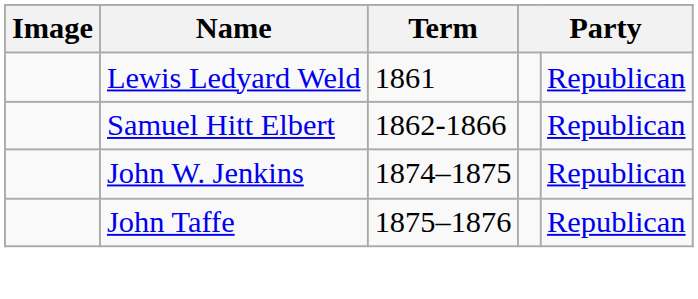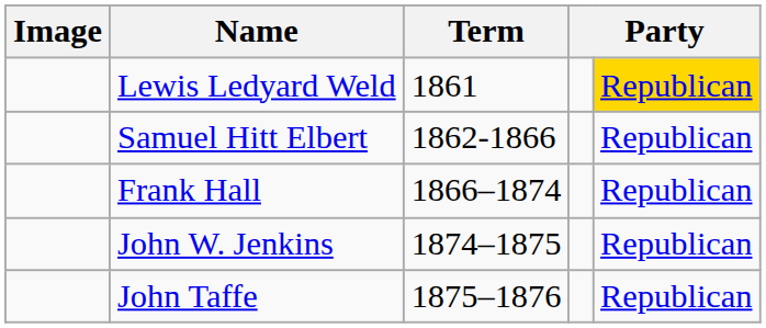 <table class="wikitable">
 <tr>
 <th>Image</th>
 <th>Name</th>
 <th>Term</th>
 <th colspan="2">Party</th>
 </tr>
 <tr>
 <td></td>
 <td><a href='#'>Lewis Ledyard Weld</a></td>
 <td>1861</td>
 <td style="background: "> </td>
-<td><a href='#'>Republican</a></td>
+<td style="background: gold;"><a href='#'>Republican</a></td>
 </tr>
 <tr>
 <td></td>
 <td><a href='#'>Samuel Hitt Elbert</a></td>
 <td>1862-1866</td>
+<td style="background: "> </td>
+<td><a href='#'>Republican</a></td>
+</tr>
+<tr>
+<td></td>
+<td><a href='#'>Frank Hall</a></td>
+<td>1866–1874</td>
 <td style="background: "> </td>
 <td><a href='#'>Republican</a></td>
 </tr>
 <tr>
 <td></td>
 <td><a href='#'>John W. Jenkins</a></td>
 <td>1874–1875</td>
 <td style="background: "> </td>
 <td><a href='#'>Republican</a></td>
 </tr>
 <tr>
 <td></td>
 <td><a href='#'>John Taffe</a></td>
 <td>1875–1876</td>
 <td style="background: "> </td>
 <td><a href='#'>Republican</a></td>
 </tr>
 </table>
